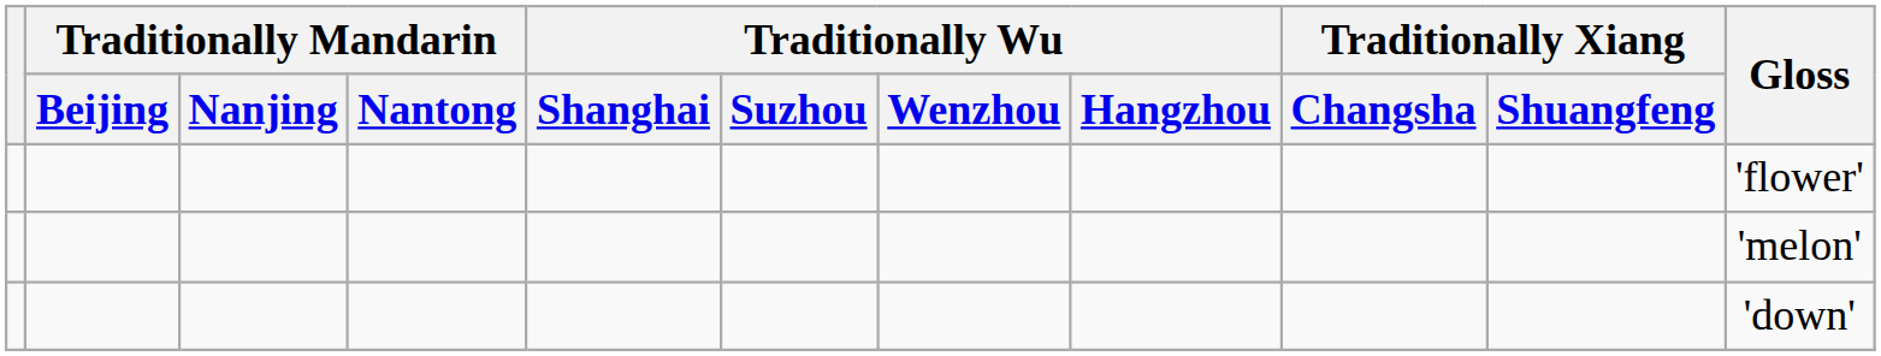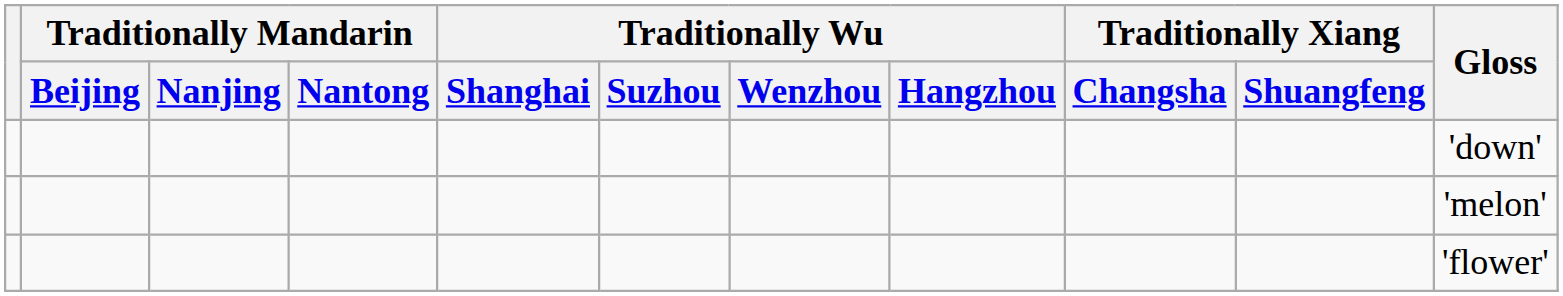 <table class="wikitable" style="text-align: center">
 <tr>
 <th rowspan=2></th>
 <th colspan=3>Traditionally Mandarin</th>
 <th colspan=4>Traditionally Wu</th>
 <th colspan=2>Traditionally Xiang</th>
 <th rowspan=2>Gloss</th>
 </tr>
 <tr>
 <th><a href='#'>Beijing</a></th>
 <th><a href='#'>Nanjing</a></th>
 <th><a href='#'>Nantong</a></th>
 <th><a href='#'>Shanghai</a></th>
 <th><a href='#'>Suzhou</a></th>
 <th><a href='#'>Wenzhou</a></th>
 <th><a href='#'>Hangzhou</a></th>
 <th><a href='#'>Changsha</a></th>
 <th><a href='#'>Shuangfeng</a></th>
 </tr>
 <tr>
 <td></td>
 <td></td>
 <td></td>
 <td></td>
 <td></td>
 <td></td>
 <td></td>
 <td></td>
 <td></td>
 <td></td>
-<td>'flower'</td>
+<td>'down'</td>
 </tr>
 <tr>
 <td></td>
 <td></td>
 <td></td>
 <td></td>
 <td></td>
 <td></td>
 <td></td>
 <td></td>
 <td></td>
 <td></td>
 <td>'melon'</td>
 </tr>
 <tr>
 <td></td>
 <td></td>
 <td></td>
 <td></td>
 <td></td>
 <td></td>
 <td></td>
 <td></td>
 <td></td>
 <td></td>
-<td>'down'</td>
+<td>'flower'</td>
 </tr>
 </table>
